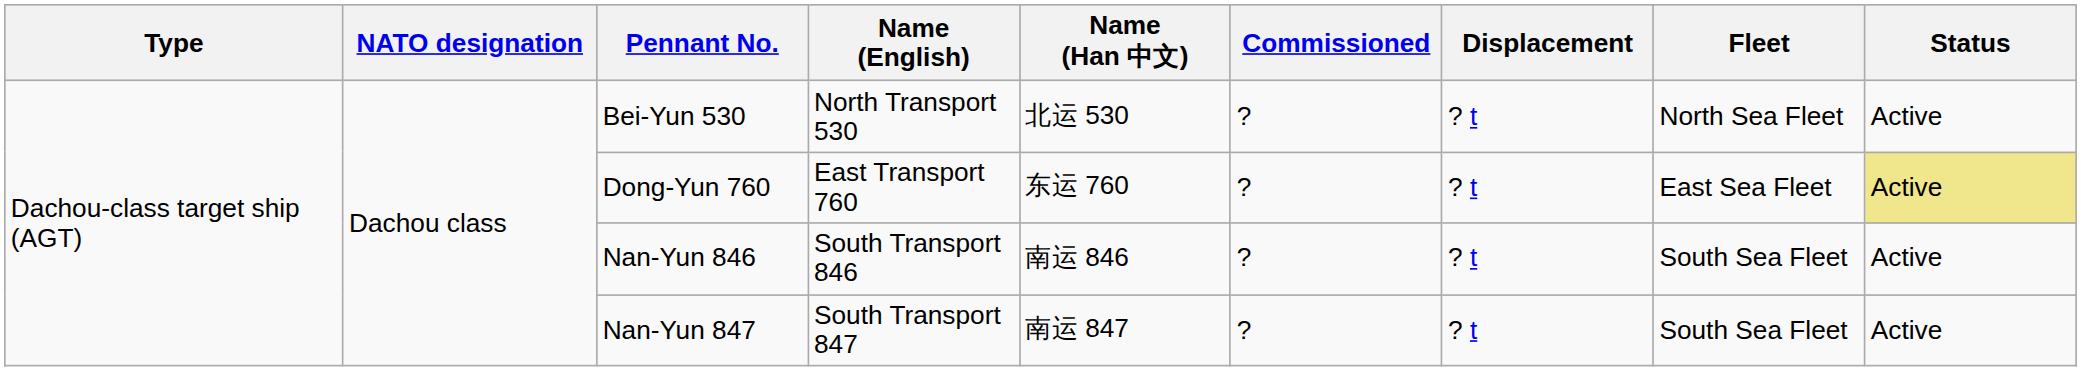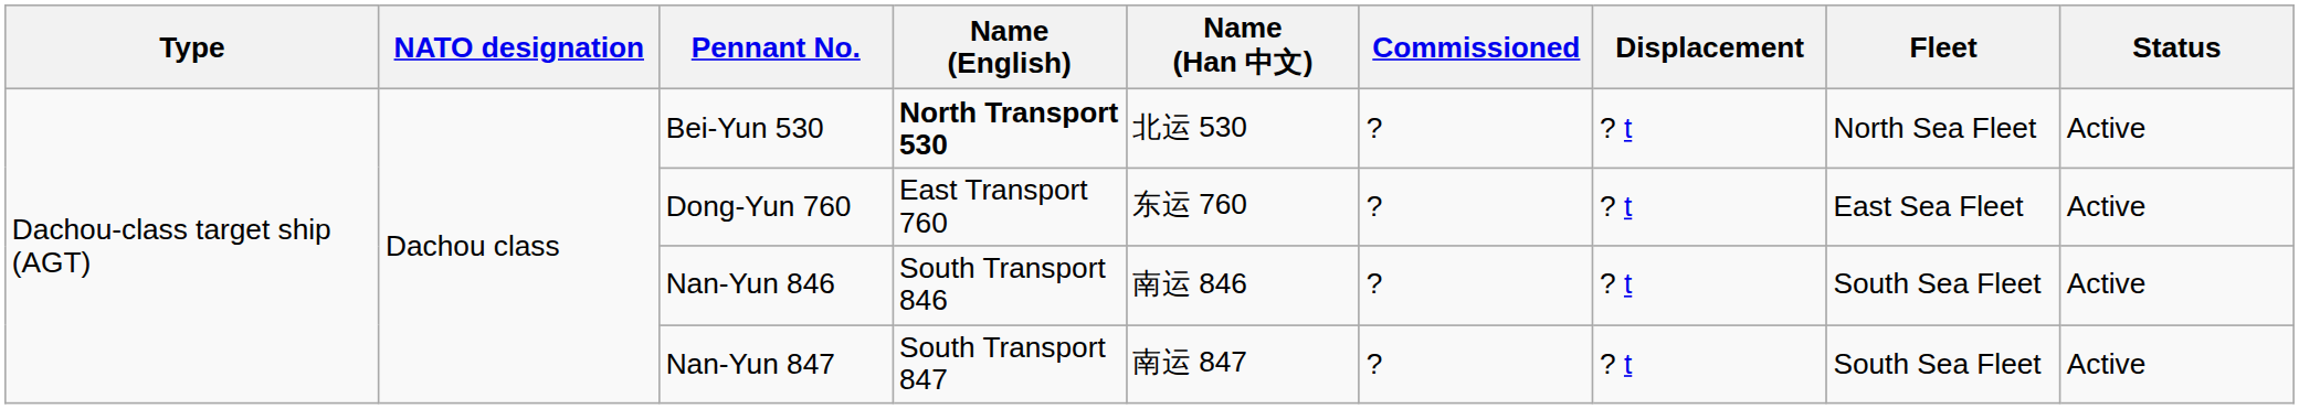 <table class="wikitable sortable"  style="margin:auto; width:100%;">
 <tr>
 <th style="text-align:center; width:16%;">Type</th>
 <th style="text-align:center; width:12%;"><a href='#'>NATO designation</a></th>
 <th style="text-align:center; width:10%;"><a href='#'>Pennant No.</a></th>
 <th style="text-align:center; width:10%;">Name<br>(English)</th>
 <th style="text-align:center; width:10%;">Name<br>(Han 中文)</th>
 <th style="text-align:center; width:10%;"><a href='#'>Commissioned</a></th>
 <th style="text-align:center; width:10%;">Displacement</th>
 <th style="text-align:center; width:10%;">Fleet</th>
 <th style="text-align:center; width:10%;">Status</th>
 </tr>
 <tr>
 <td rowspan="4">Dachou-class target ship (AGT)</td>
 <td rowspan="4">Dachou class</td>
 <td>Bei-Yun 530</td>
-<td>North Transport 530</td>
+<td><strong>North Transport 530</strong></td>
 <td>北运 530</td>
 <td>?</td>
 <td>? <a href='#'>t</a></td>
 <td>North Sea Fleet</td>
 <td><span>Active</span></td>
 </tr>
 <tr>
 <td>Dong-Yun 760</td>
 <td>East Transport 760</td>
 <td>东运 760</td>
 <td>?</td>
 <td>? <a href='#'>t</a></td>
 <td>East Sea Fleet</td>
-<td style="background: khaki;"><span>Active</span></td>
+<td><span>Active</span></td>
 </tr>
 <tr>
 <td>Nan-Yun 846</td>
 <td>South Transport 846</td>
 <td>南运 846</td>
 <td>?</td>
 <td>? <a href='#'>t</a></td>
 <td>South Sea Fleet</td>
 <td><span>Active</span></td>
 </tr>
 <tr>
 <td>Nan-Yun 847</td>
 <td>South Transport 847</td>
 <td>南运 847</td>
 <td>?</td>
 <td>? <a href='#'>t</a></td>
 <td>South Sea Fleet</td>
 <td><span>Active</span></td>
 </tr>
 </table>
